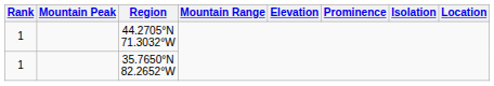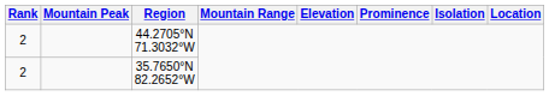 <table class="wikitable sortable">
 <tr>
 <th><a href='#'>Rank</a></th>
 <th><a href='#'>Mountain Peak</a></th>
 <th><a href='#'>Region</a></th>
 <th><a href='#'>Mountain Range</a></th>
 <th><a href='#'>Elevation</a></th>
 <th><a href='#'>Prominence</a></th>
 <th><a href='#'>Isolation</a></th>
 <th><a href='#'>Location</a></th>
 </tr>
 <tr>
-<td align=center>1<br></td>
+<td align=center>2<br></td>
 <td><br> </td>
 <td align=center>44.2705°N<br>71.3032°W</td>
 </tr>
 <tr>
-<td align=center>1<br></td>
+<td align=center>2<br></td>
 <td><br> </td>
 <td align=center>35.7650°N<br>82.2652°W</td>
 </tr>
 </table>
